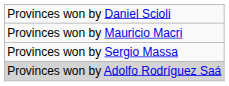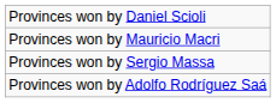 <table class="wikitable">
 <tr>
 <td>Provinces won by <a href='#'>Daniel Scioli</a></td>
 </tr>
 <tr>
 <td>Provinces won by <a href='#'>Mauricio Macri</a></td>
 </tr>
 <tr>
 <td>Provinces won by <a href='#'>Sergio Massa</a></td>
 </tr>
 <tr>
-<td style="background: lightgrey;">Provinces won by <a href='#'>Adolfo Rodríguez Saá</a></td>
+<td>Provinces won by <a href='#'>Adolfo Rodríguez Saá</a></td>
 </tr>
 </table>
